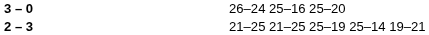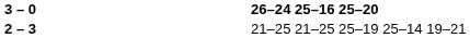 <table width=100% cellspacing=1>
 <tr>
 <th width=20%></th>
 <th width=12%></th>
 <th width=20%></th>
 <th width=33%></th>
 <td></td>
 </tr>
 <tr style=font-size:90%>
 <td align=right><strong></strong></td>
 <td align=center><strong>3 – 0</strong></td>
 <td></td>
-<td>26–24 25–16 25–20</td>
+<td><strong>26–24 25–16 25–20</strong></td>
 <td></td>
 </tr>
 <tr style=font-size:90%>
 <td align=right></td>
 <td align=center><strong>2 – 3</strong></td>
 <td><strong></strong></td>
 <td>21–25 21–25 25–19 25–14 19–21</td>
 </tr>
 </table>
